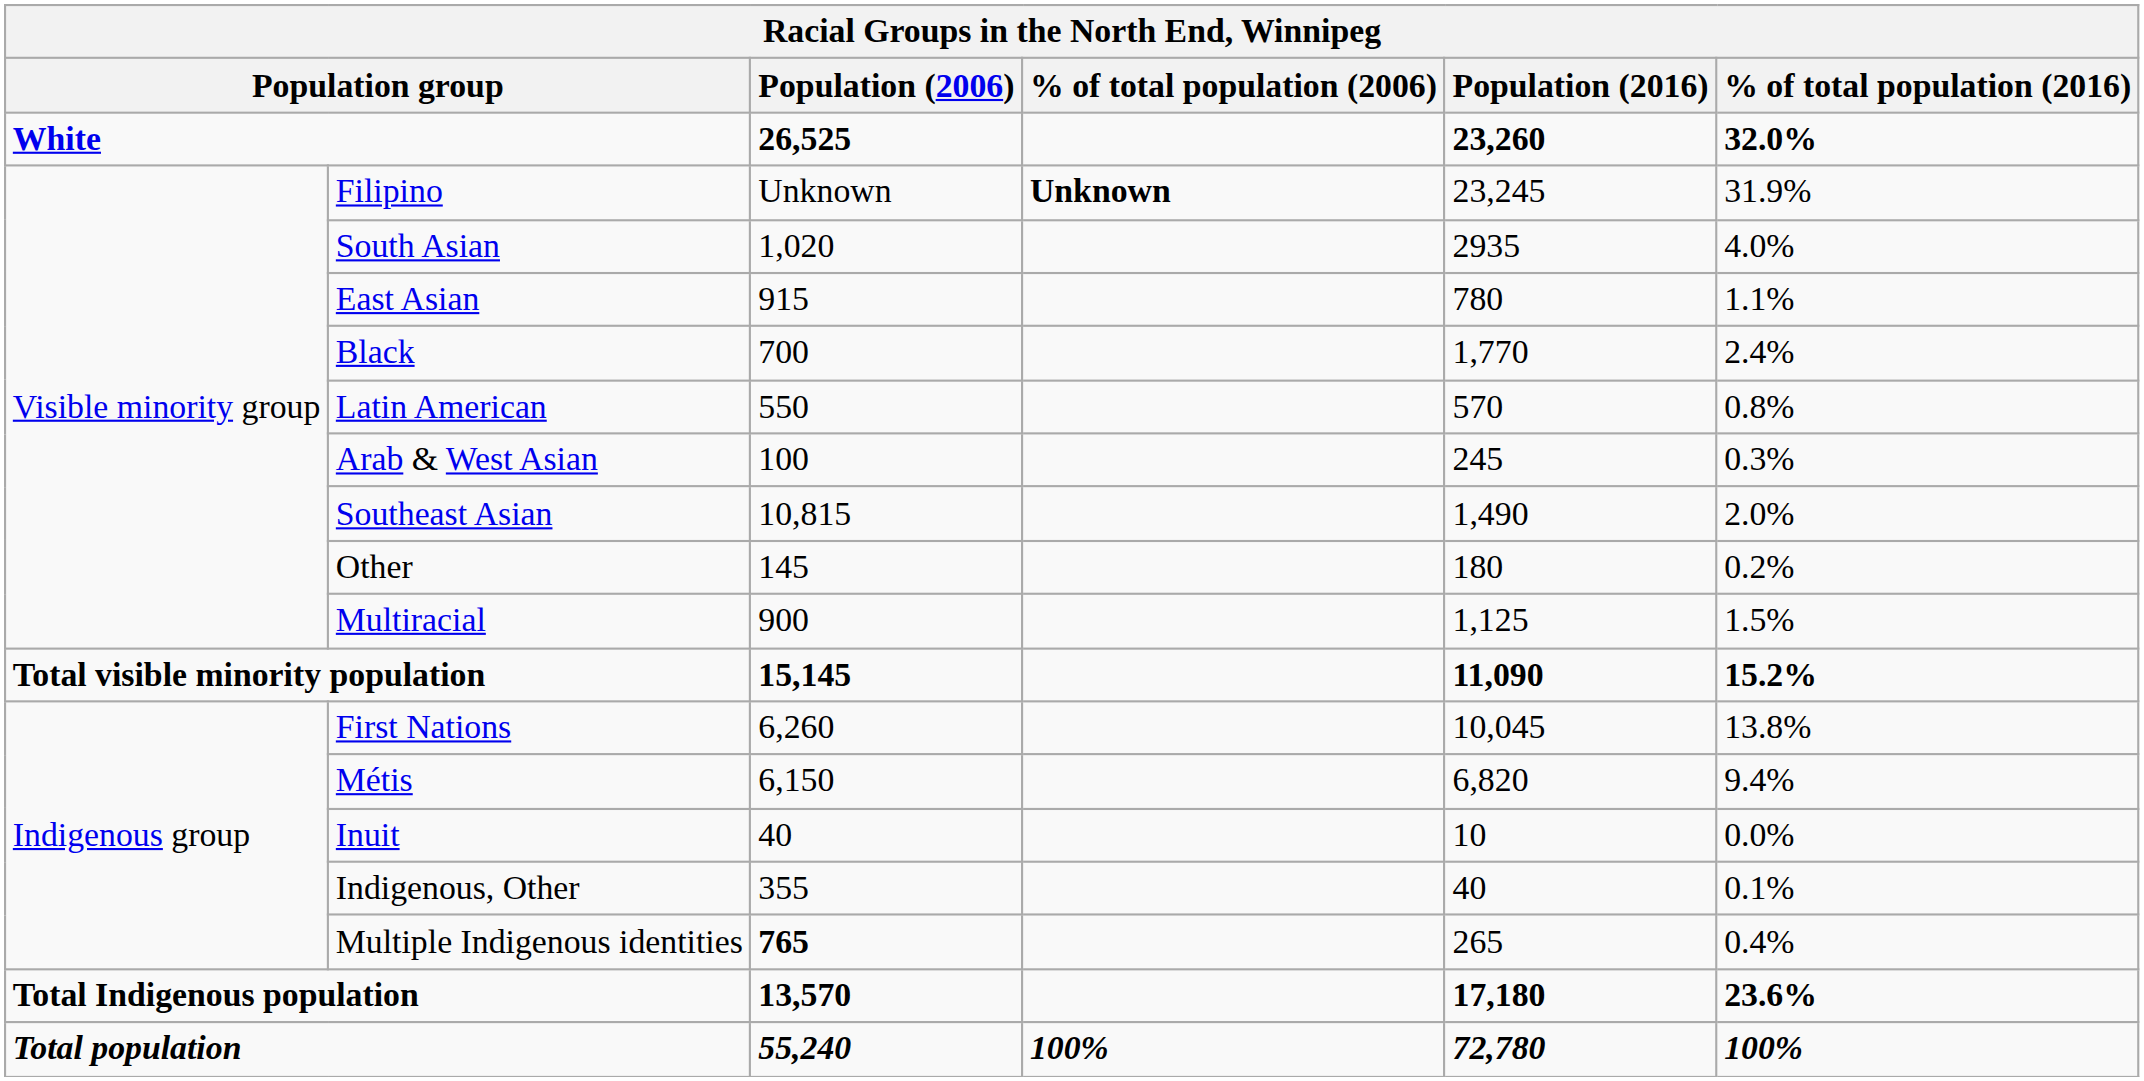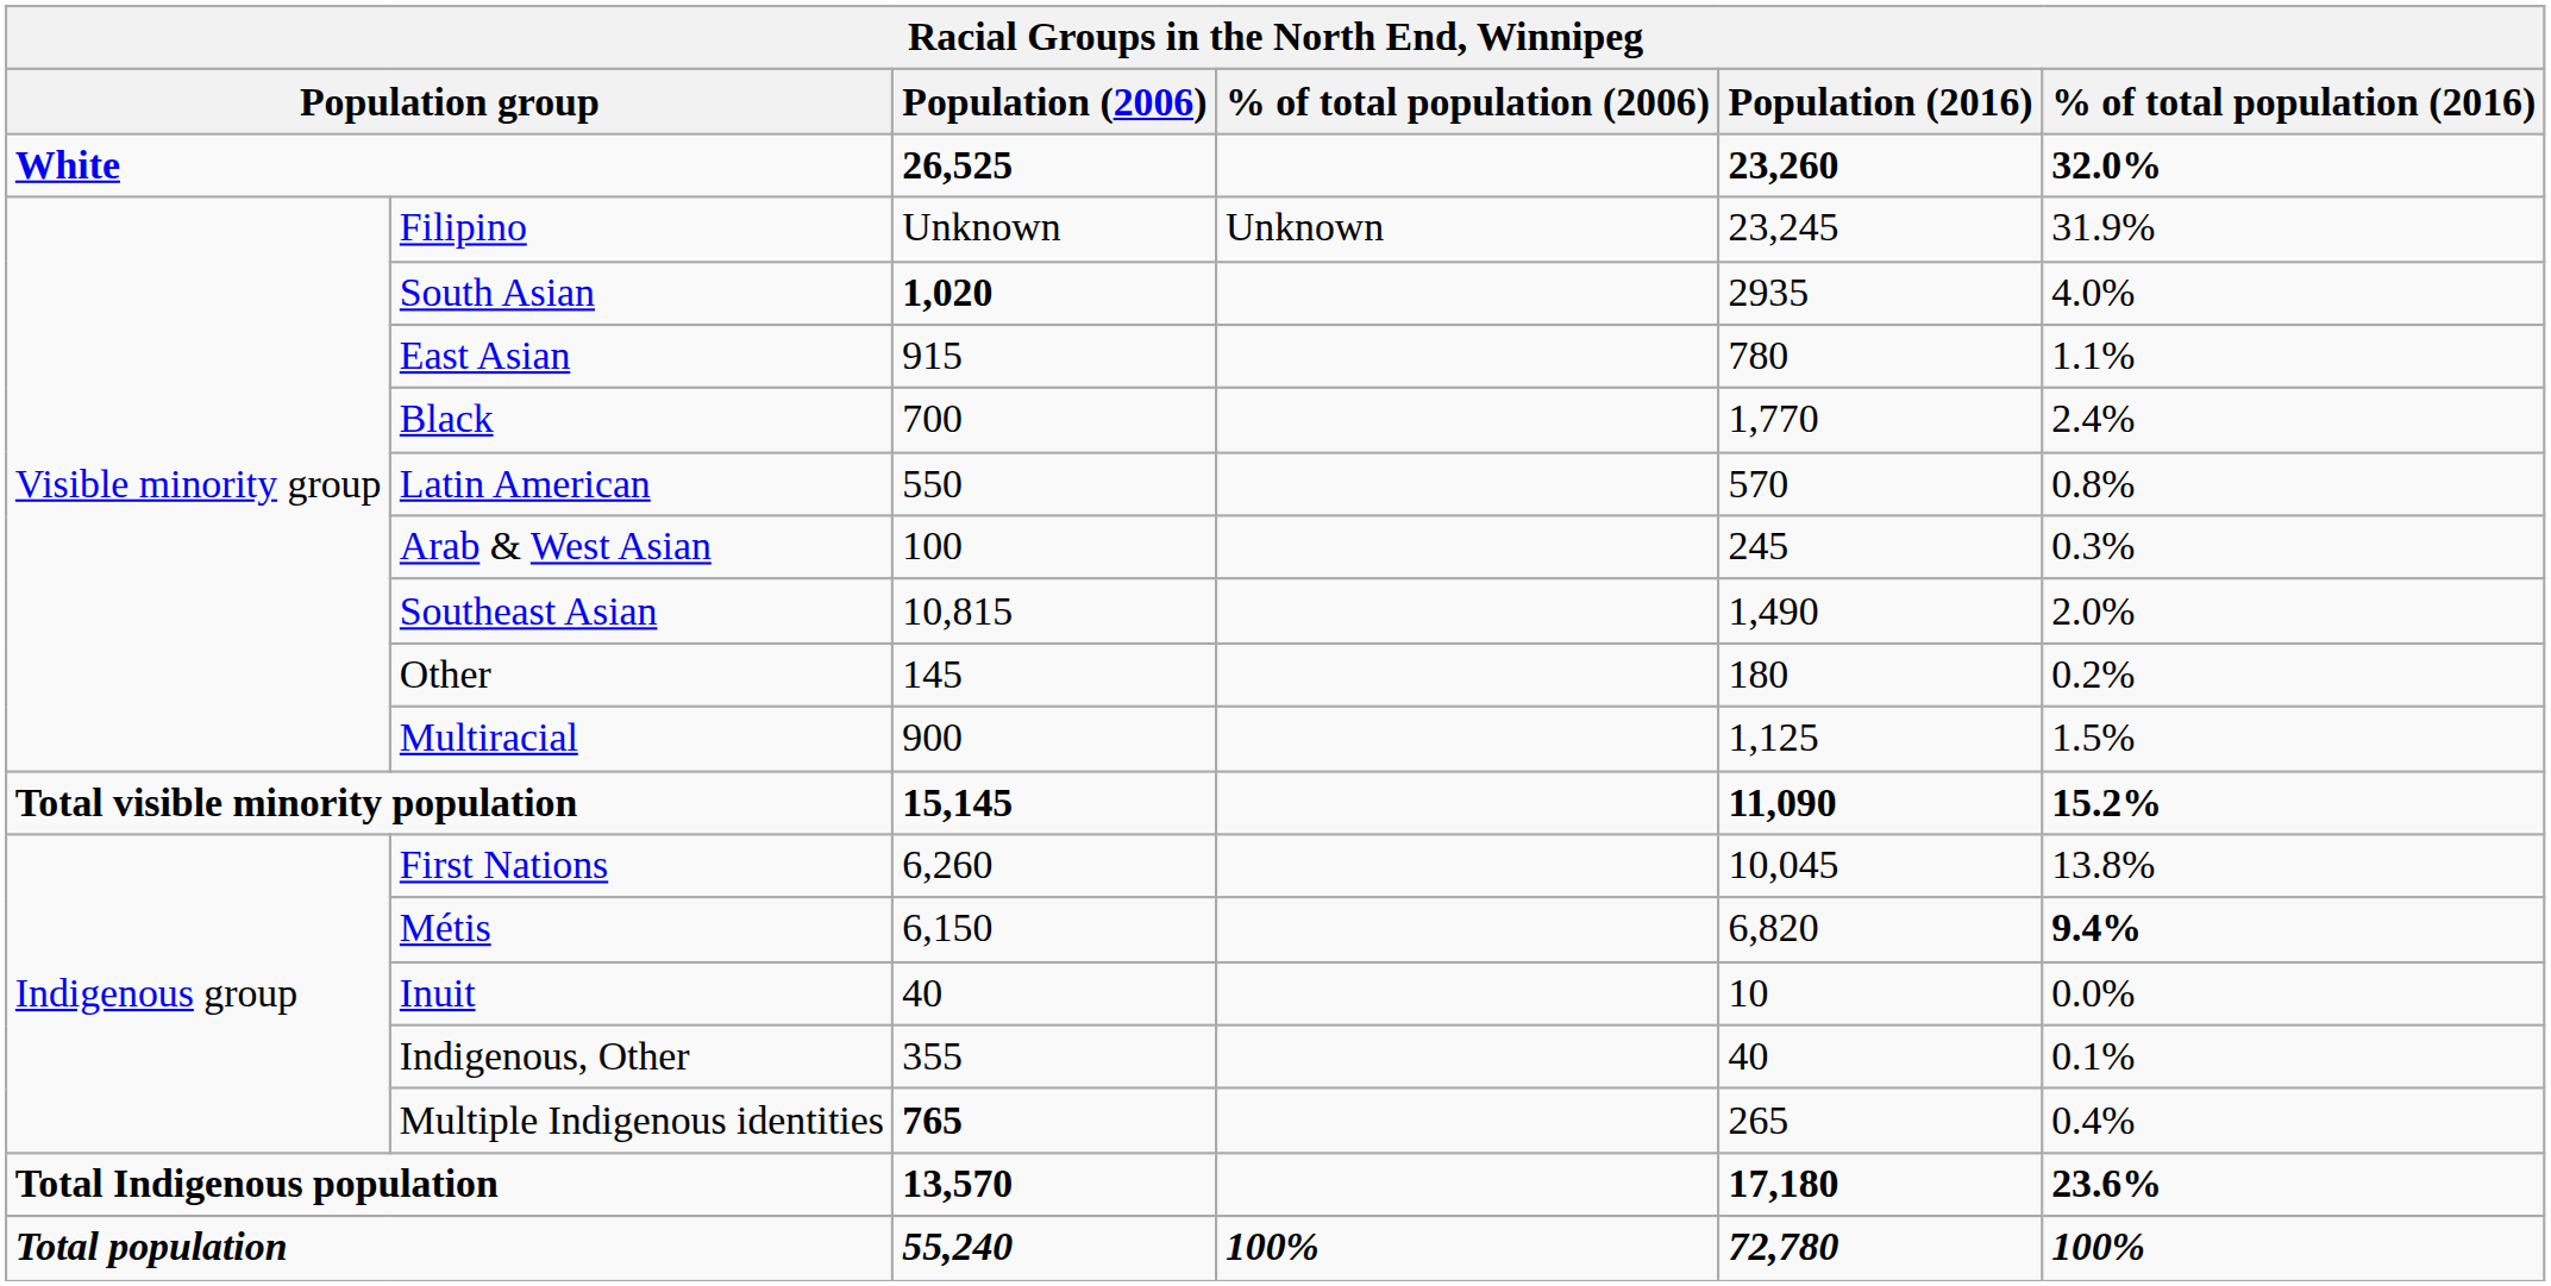 <table class="wikitable">
 <tr>
 <th colspan="8">Racial Groups in the North End, Winnipeg</th>
 </tr>
 <tr>
 <th colspan="2">Population group</th>
 <th>Population (<a href='#'>2006</a>)</th>
 <th>% of total population (2006)</th>
 <th>Population (2016)</th>
 <th>% of total population (2016)</th>
 </tr>
 <tr>
 <td colspan="2"><strong><a href='#'>White</a></strong></td>
 <td><strong>26,525</strong></td>
 <td><strong></strong></td>
 <td><strong>23,260</strong></td>
 <td><strong>32.0%</strong></td>
 </tr>
 <tr>
 <td rowspan="9"><a href='#'>Visible minority</a> group</td>
 <td><a href='#'>Filipino</a></td>
 <td>Unknown</td>
-<td><strong>Unknown</strong></td>
+<td>Unknown</td>
 <td>23,245</td>
 <td>31.9%</td>
 </tr>
 <tr>
 <td><a href='#'>South Asian</a></td>
-<td>1,020</td>
+<td><strong>1,020</strong></td>
 <td></td>
 <td>2935</td>
 <td>4.0%</td>
 </tr>
 <tr>
 <td><a href='#'>East Asian</a></td>
 <td>915</td>
 <td></td>
 <td>780</td>
 <td>1.1%</td>
 </tr>
 <tr>
 <td><a href='#'>Black</a></td>
 <td>700</td>
 <td></td>
 <td>1,770</td>
 <td>2.4%</td>
 </tr>
 <tr>
 <td><a href='#'>Latin American</a></td>
 <td>550</td>
 <td></td>
 <td>570</td>
 <td>0.8%</td>
 </tr>
 <tr>
 <td><a href='#'>Arab</a> & <a href='#'>West Asian</a></td>
 <td>100</td>
 <td></td>
 <td>245</td>
 <td>0.3%</td>
 </tr>
 <tr>
 <td><a href='#'>Southeast Asian</a></td>
 <td>10,815</td>
 <td></td>
 <td>1,490</td>
 <td>2.0%</td>
 </tr>
 <tr>
 <td>Other</td>
 <td>145</td>
 <td></td>
 <td>180</td>
 <td>0.2%</td>
 </tr>
 <tr>
 <td><a href='#'>Multiracial</a></td>
 <td>900</td>
 <td></td>
 <td>1,125</td>
 <td>1.5%</td>
 </tr>
 <tr>
 <td colspan="2"><strong>Total visible minority population</strong></td>
 <td><strong>15,145</strong></td>
 <td><strong></strong></td>
 <td><strong>11,090</strong></td>
 <td><strong>15.2%</strong></td>
 </tr>
 <tr>
 <td rowspan="5"><a href='#'>Indigenous</a> group</td>
 <td><a href='#'>First Nations</a></td>
 <td>6,260</td>
 <td></td>
 <td>10,045</td>
 <td>13.8%</td>
 </tr>
 <tr>
 <td><a href='#'>Métis</a></td>
 <td>6,150</td>
 <td></td>
 <td>6,820</td>
-<td>9.4%</td>
+<td><strong>9.4%</strong></td>
 </tr>
 <tr>
 <td><a href='#'>Inuit</a></td>
 <td>40</td>
 <td></td>
 <td>10</td>
 <td>0.0%</td>
 </tr>
 <tr>
 <td>Indigenous, Other</td>
 <td>355</td>
 <td></td>
 <td>40</td>
 <td>0.1%</td>
 </tr>
 <tr>
 <td>Multiple Indigenous identities</td>
 <td><strong>765</strong></td>
 <td></td>
 <td>265</td>
 <td>0.4%</td>
 </tr>
 <tr>
 <td colspan="2"><strong>Total Indigenous population</strong></td>
 <td><strong>13,570</strong></td>
 <td><strong></strong></td>
 <td><strong>17,180</strong></td>
 <td><strong>23.6%</strong></td>
 </tr>
 <tr>
 <td colspan="2"><strong><em>Total population</em></strong></td>
 <td><strong><em>55,240</em></strong></td>
 <td><strong><em>100%</em></strong></td>
 <td><strong><em>72,780</em></strong></td>
 <td><strong><em>100%</em></strong></td>
 </tr>
 </table>
